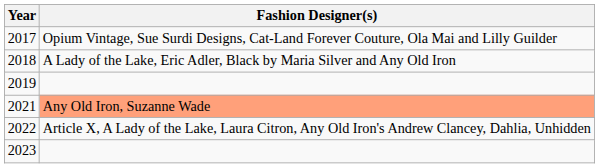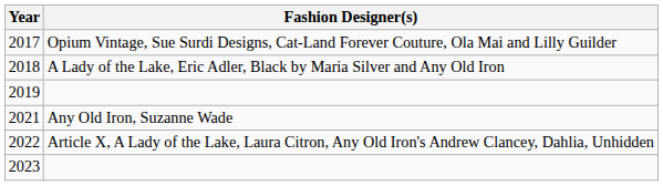 <table class="wikitable">
 <tr>
 <th>Year</th>
 <th>Fashion Designer(s)</th>
 </tr>
 <tr>
 <td>2017</td>
 <td>Opium Vintage, Sue Surdi Designs, Cat-Land Forever Couture, Ola Mai and Lilly Guilder</td>
 </tr>
 <tr>
 <td>2018</td>
 <td>A Lady of the Lake, Eric Adler, Black by Maria Silver and Any Old Iron</td>
 </tr>
 <tr>
 <td>2019</td>
 <td></td>
 </tr>
 <tr>
 <td>2021</td>
-<td style="background: lightsalmon;">Any Old Iron, Suzanne Wade</td>
+<td>Any Old Iron, Suzanne Wade</td>
 </tr>
 <tr>
 <td>2022</td>
 <td>Article X, A Lady of the Lake, Laura Citron, Any Old Iron's Andrew Clancey, Dahlia, Unhidden</td>
 </tr>
 <tr>
 <td>2023</td>
 <td></td>
 </tr>
 </table>
